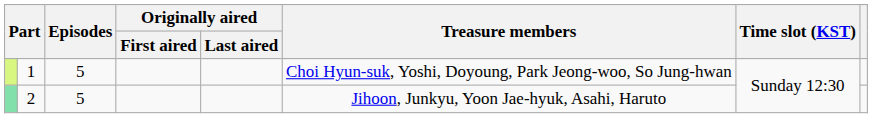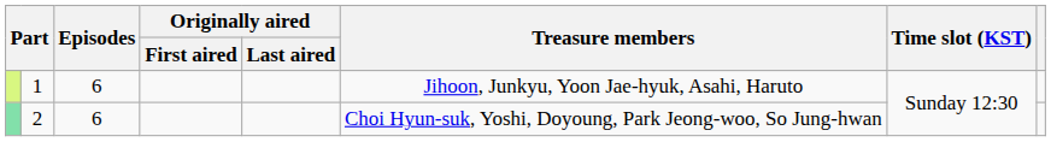 <table class="wikitable" style="text-align:center">
 <tr>
 <th colspan="2" rowspan="2">Part</th>
 <th rowspan="2">Episodes</th>
 <th colspan="2">Originally aired</th>
 <th rowspan="2">Treasure members</th>
 <th rowspan="2">Time slot (<a href='#'>KST</a>)</th>
 <th rowspan="2"></th>
 </tr>
 <tr>
 <th>First aired</th>
 <th>Last aired</th>
 </tr>
 <tr>
 <td style="background:#D8F781"></td>
 <td>1</td>
-<td>5</td>
+<td>6</td>
 <td></td>
 <td></td>
-<td><a href='#'>Choi Hyun-suk</a>, Yoshi, Doyoung, Park Jeong-woo, So Jung-hwan</td>
+<td><a href='#'>Jihoon</a>, Junkyu, Yoon Jae-hyuk, Asahi, Haruto</td>
 <td rowspan="2">Sunday 12:30</td>
 <td style="text-align:center"></td>
 </tr>
 <tr>
 <td style="background:#82E0AA"></td>
 <td>2</td>
-<td>5</td>
+<td>6</td>
 <td></td>
 <td></td>
-<td><a href='#'>Jihoon</a>, Junkyu, Yoon Jae-hyuk, Asahi, Haruto</td>
+<td><a href='#'>Choi Hyun-suk</a>, Yoshi, Doyoung, Park Jeong-woo, So Jung-hwan</td>
 <td></td>
 </tr>
 </table>
